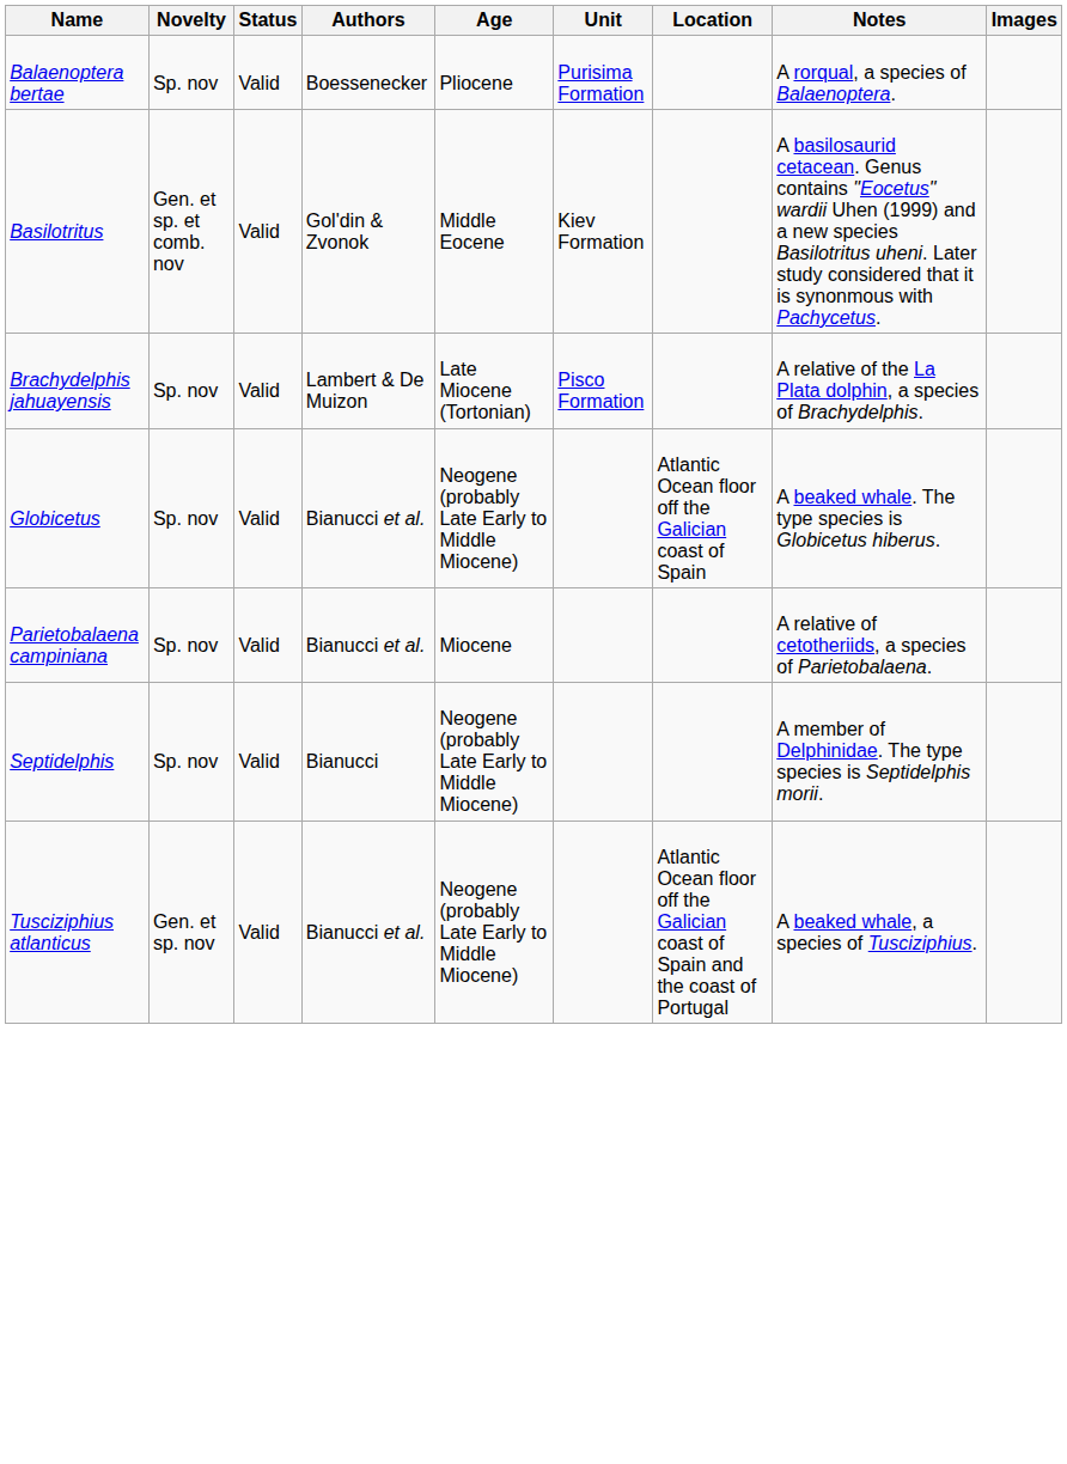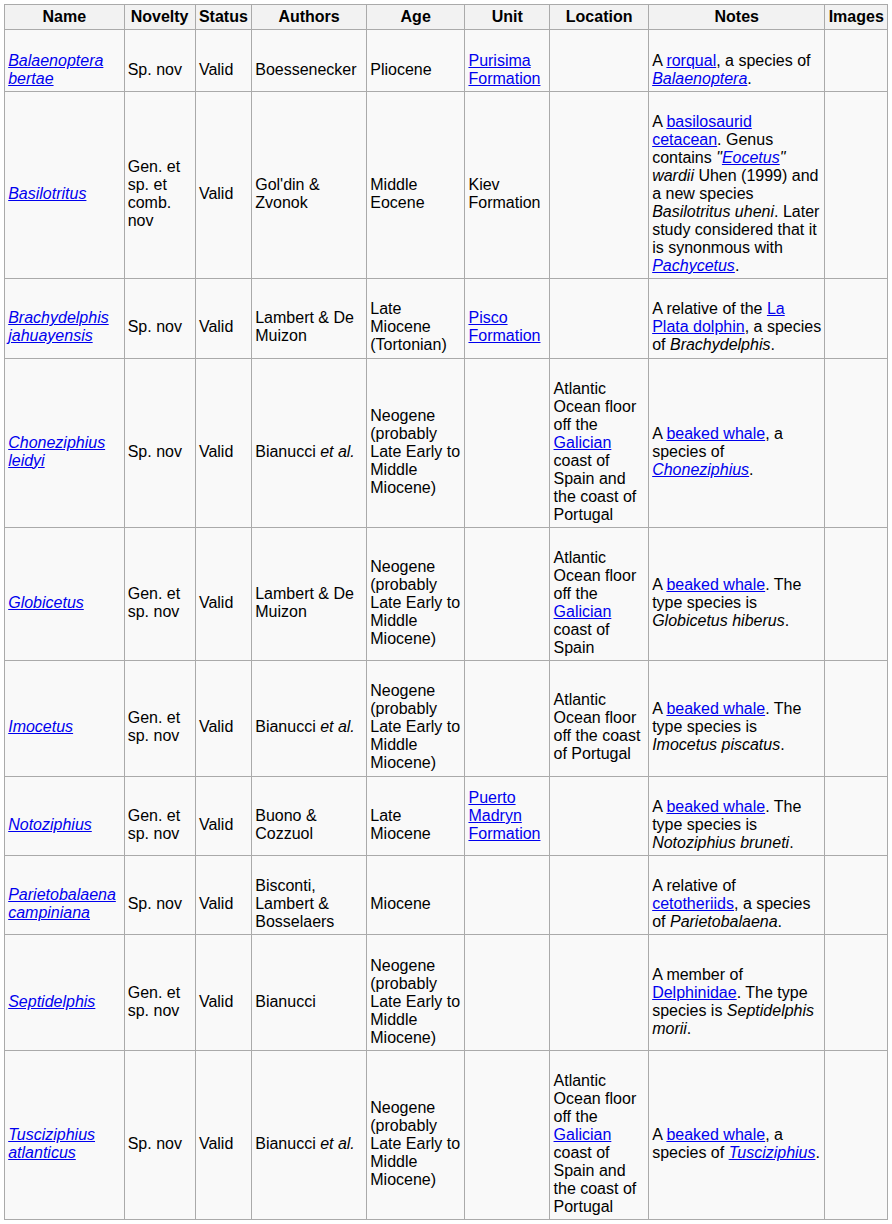 <table class="wikitable sortable" align="center" width="100%">
 <tr>
 <th>Name</th>
 <th>Novelty</th>
 <th>Status</th>
 <th>Authors</th>
 <th>Age</th>
 <th>Unit</th>
 <th>Location</th>
 <th>Notes</th>
 <th>Images</th>
 </tr>
 <tr>
 <td><br><em><a href='#'>Balaenoptera bertae</a></em></td>
 <td><br>Sp. nov</td>
 <td><br>Valid</td>
 <td><br>Boessenecker</td>
 <td><br>Pliocene</td>
 <td><br><a href='#'>Purisima Formation</a></td>
 <td><br></td>
 <td><br>A <a href='#'>rorqual</a>, a species of <em><a href='#'>Balaenoptera</a></em>.</td>
 <td></td>
 </tr>
 <tr>
 <td><br><em><a href='#'>Basilotritus</a></em></td>
 <td><br>Gen. et sp. et comb. nov</td>
 <td><br>Valid</td>
 <td><br>Gol'din & Zvonok</td>
 <td><br>Middle Eocene</td>
 <td><br>Kiev Formation</td>
 <td><br><br> </td>
 <td><br>A <a href='#'>basilosaurid</a> <a href='#'>cetacean</a>. Genus contains <em>"<a href='#'>Eocetus</a>" wardii</em> Uhen (1999) and a new species <em>Basilotritus uheni</em>. Later study considered that it is synonmous with <em><a href='#'>Pachycetus</a></em>.</td>
 <td></td>
 </tr>
 <tr>
 <td><br><em><a href='#'>Brachydelphis jahuayensis</a></em></td>
 <td><br>Sp. nov</td>
 <td><br>Valid</td>
 <td><br>Lambert & De Muizon</td>
 <td><br>Late Miocene (Tortonian)</td>
 <td><br><a href='#'>Pisco Formation</a></td>
 <td><br></td>
 <td><br>A relative of the <a href='#'>La Plata dolphin</a>, a species of <em>Brachydelphis</em>.</td>
 <td></td>
 </tr>
 <tr>
-<td><br><em><a href='#'>Globicetus</a></em></td>
+<td><br><em><a href='#'>Choneziphius leidyi</a></em></td>
 <td><br>Sp. nov</td>
 <td><br>Valid</td>
 <td><br>Bianucci <em>et al.</em></td>
+<td><br>Neogene (probably Late Early to Middle Miocene)</td>
+<td></td>
+<td><br>Atlantic Ocean floor off the <a href='#'>Galician</a> coast of Spain and the coast of Portugal</td>
+<td><br>A <a href='#'>beaked whale</a>, a species of <em><a href='#'>Choneziphius</a></em>.</td>
+<td></td>
+</tr>
+<tr>
+<td><br><em><a href='#'>Globicetus</a></em></td>
+<td><br>Gen. et sp. nov</td>
+<td><br>Valid</td>
+<td><br>Lambert & De Muizon</td>
 <td><br>Neogene (probably Late Early to Middle Miocene)</td>
 <td></td>
 <td><br>Atlantic Ocean floor off the <a href='#'>Galician</a> coast of Spain</td>
 <td><br>A <a href='#'>beaked whale</a>. The type species is <em>Globicetus hiberus</em>.</td>
 <td></td>
 </tr>
 <tr>
+<td><br><em><a href='#'>Imocetus</a></em></td>
+<td><br>Gen. et sp. nov</td>
+<td><br>Valid</td>
+<td><br>Bianucci <em>et al.</em></td>
+<td><br>Neogene (probably Late Early to Middle Miocene)</td>
+<td></td>
+<td><br>Atlantic Ocean floor off the coast of Portugal</td>
+<td><br>A <a href='#'>beaked whale</a>. The type species is <em>Imocetus piscatus</em>.</td>
+<td></td>
+</tr>
+<tr>
+<td><br><em><a href='#'>Notoziphius</a></em></td>
+<td><br>Gen. et sp. nov</td>
+<td><br>Valid</td>
+<td><br>Buono & Cozzuol</td>
+<td><br>Late Miocene</td>
+<td><a href='#'>Puerto Madryn Formation</a></td>
+<td><br></td>
+<td><br>A <a href='#'>beaked whale</a>. The type species is <em>Notoziphius bruneti</em>.</td>
+<td></td>
+</tr>
+<tr>
 <td><br><em><a href='#'>Parietobalaena campiniana</a></em></td>
 <td><br>Sp. nov</td>
 <td><br>Valid</td>
-<td><br>Bianucci <em>et al.</em></td>
+<td><br>Bisconti, Lambert & Bosselaers</td>
 <td><br>Miocene</td>
 <td></td>
 <td><br><br> </td>
 <td><br>A relative of <a href='#'>cetotheriids</a>, a species of <em>Parietobalaena</em>.</td>
 <td></td>
 </tr>
 <tr>
 <td><br><em><a href='#'>Septidelphis</a></em></td>
-<td><br>Sp. nov</td>
+<td><br>Gen. et sp. nov</td>
 <td><br>Valid</td>
 <td><br>Bianucci</td>
 <td><br>Neogene (probably Late Early to Middle Miocene)</td>
 <td></td>
 <td><br></td>
 <td><br>A member of <a href='#'>Delphinidae</a>. The type species is <em>Septidelphis morii</em>.</td>
 <td></td>
 </tr>
 <tr>
 <td><br><em><a href='#'>Tusciziphius atlanticus</a></em></td>
-<td><br>Gen. et sp. nov</td>
+<td><br>Sp. nov</td>
 <td><br>Valid</td>
 <td><br>Bianucci <em>et al.</em></td>
 <td><br>Neogene (probably Late Early to Middle Miocene)</td>
 <td></td>
 <td><br>Atlantic Ocean floor off the <a href='#'>Galician</a> coast of Spain and the coast of Portugal<br> </td>
 <td><br>A <a href='#'>beaked whale</a>, a species of <em><a href='#'>Tusciziphius</a></em>.</td>
 <td></td>
 </tr>
 <tr>
 </tr>
 </table>
